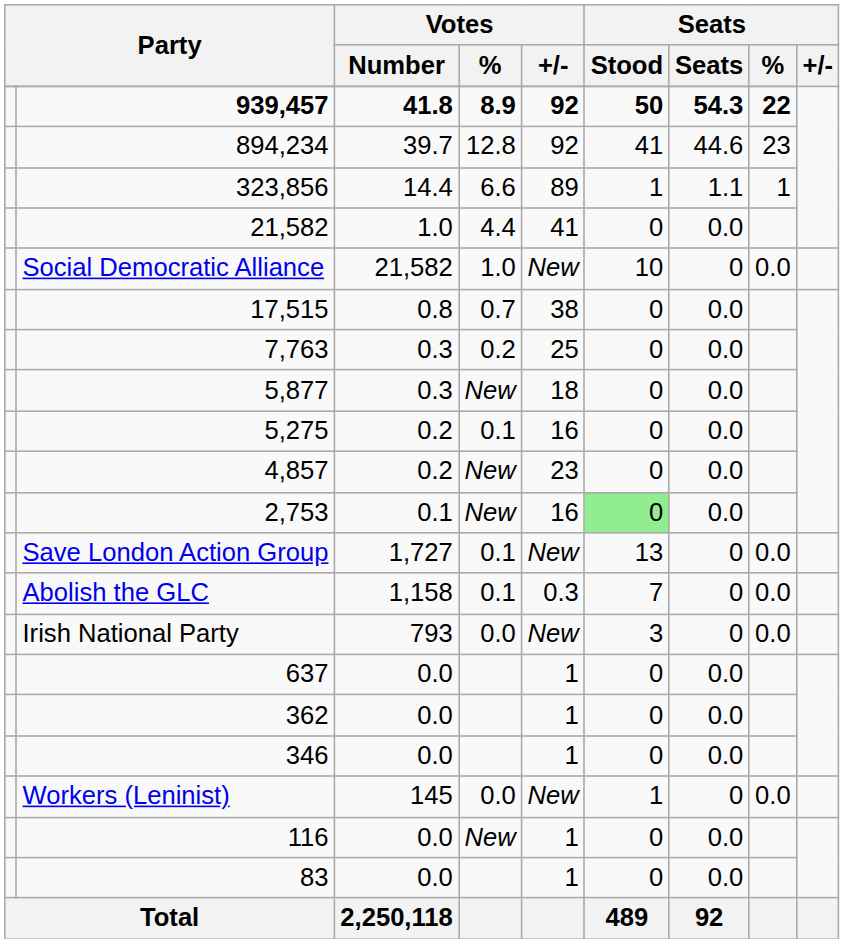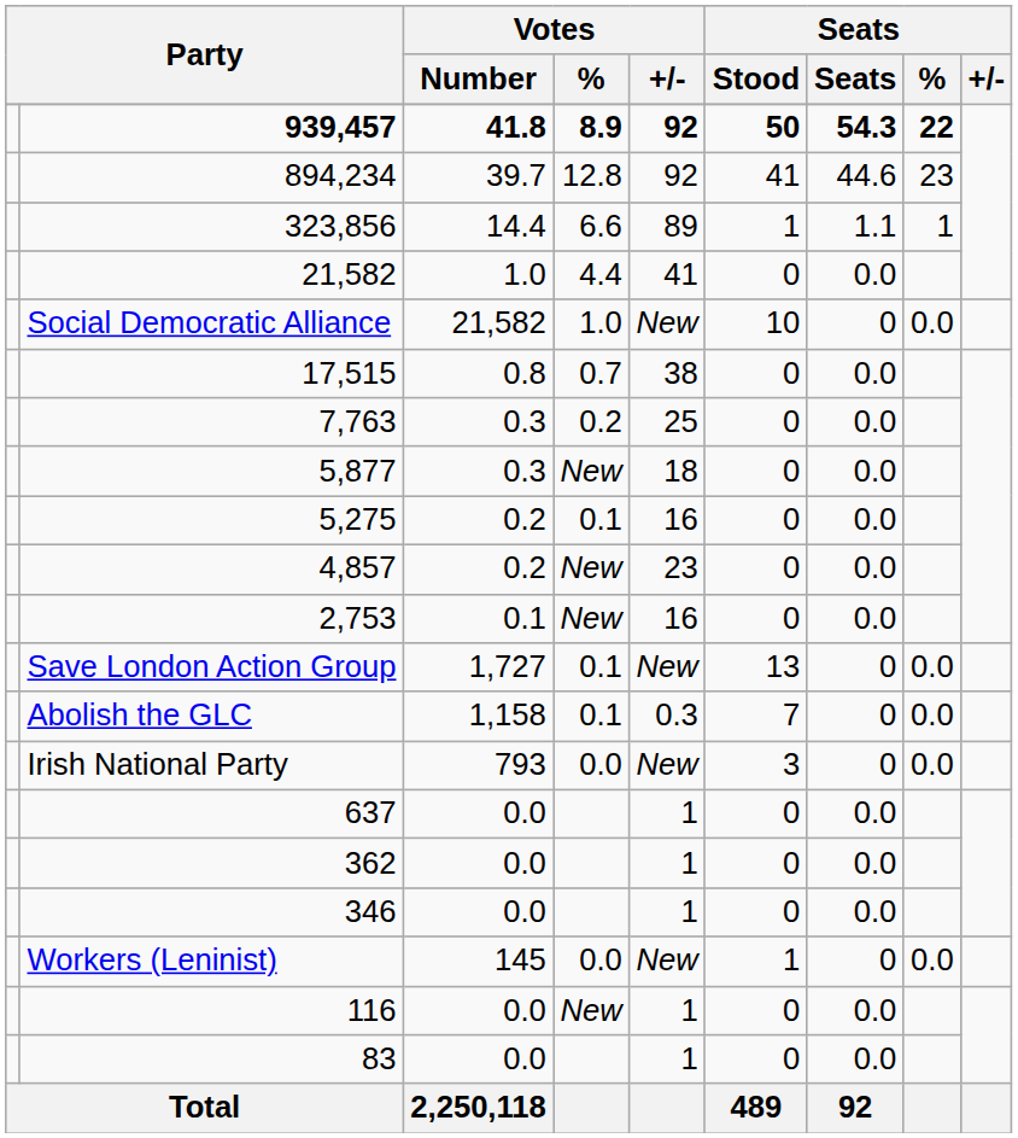 <table class="wikitable sortable" style="text-align:right;" style="font-size:95%">
 <tr>
 <th style="vertical-align:center;" rowspan="2" colspan="2">Party</th>
 <th style="text-align:center;" colspan="3">Votes</th>
 <th style="text-align:center;" colspan="4">Seats</th>
 </tr>
 <tr style="text-align: right">
 <th align=center>Number</th>
 <th align=center>%</th>
 <th align=center>+/-</th>
 <th align=center>Stood</th>
 <th align=center>Seats</th>
 <th align=center>%</th>
 <th align=center>+/-</th>
 </tr>
 <tr style="text-align: right">
 </tr>
 <tr style="text-align: right">
 <td></td>
 <td><strong>939,457</strong></td>
 <td><strong>41.8</strong></td>
 <td><strong>8.9</strong></td>
 <td><strong>92</strong></td>
 <td><strong>50</strong></td>
 <td><strong>54.3</strong></td>
 <td><strong>22</strong></td>
 </tr>
 <tr style="text-align: right">
 <td></td>
 <td>894,234</td>
 <td>39.7</td>
 <td>12.8</td>
 <td>92</td>
 <td>41</td>
 <td>44.6</td>
 <td>23</td>
 </tr>
 <tr style="text-align: right">
 <td></td>
 <td>323,856</td>
 <td>14.4</td>
 <td>6.6</td>
 <td>89</td>
 <td>1</td>
 <td>1.1</td>
 <td>1</td>
 </tr>
 <tr style="text-align: right">
 <td></td>
 <td>21,582</td>
 <td>1.0</td>
 <td>4.4</td>
 <td>41</td>
 <td>0</td>
 <td>0.0</td>
 <td></td>
 </tr>
 <tr style="text-align: right">
 <td></td>
 <td style="text-align: left"><a href='#'>Social Democratic Alliance</a></td>
 <td>21,582</td>
 <td>1.0</td>
 <td><em>New</em></td>
 <td>10</td>
 <td>0</td>
 <td>0.0</td>
 <td></td>
 </tr>
 <tr style="text-align: right">
 <td></td>
 <td>17,515</td>
 <td>0.8</td>
 <td>0.7</td>
 <td>38</td>
 <td>0</td>
 <td>0.0</td>
 <td></td>
 </tr>
 <tr style="text-align: right">
 <td></td>
 <td>7,763</td>
 <td>0.3</td>
 <td>0.2</td>
 <td>25</td>
 <td>0</td>
 <td>0.0</td>
 <td></td>
 </tr>
 <tr style="text-align: right">
 <td></td>
 <td>5,877</td>
 <td>0.3</td>
 <td><em>New</em></td>
 <td>18</td>
 <td>0</td>
 <td>0.0</td>
 <td></td>
 </tr>
 <tr style="text-align: right">
 <td></td>
 <td>5,275</td>
 <td>0.2</td>
 <td>0.1</td>
 <td>16</td>
 <td>0</td>
 <td>0.0</td>
 <td></td>
 </tr>
 <tr style="text-align: right">
 <td></td>
 <td>4,857</td>
 <td>0.2</td>
 <td><em>New</em></td>
 <td>23</td>
 <td>0</td>
 <td>0.0</td>
 <td></td>
 </tr>
 <tr style="text-align: right">
 <td></td>
 <td>2,753</td>
 <td>0.1</td>
 <td><em>New</em></td>
 <td>16</td>
-<td style="background: lightgreen;">0</td>
+<td>0</td>
 <td>0.0</td>
 <td></td>
 </tr>
 <tr style="text-align: right">
 <td></td>
 <td style="text-align: left"><a href='#'>Save London Action Group</a></td>
 <td>1,727</td>
 <td>0.1</td>
 <td><em>New</em></td>
 <td>13</td>
 <td>0</td>
 <td>0.0</td>
 <td></td>
 </tr>
 <tr style="text-align: right">
 <td></td>
 <td style="text-align: left"><a href='#'>Abolish the GLC</a></td>
 <td>1,158</td>
 <td>0.1</td>
 <td>0.3</td>
 <td>7</td>
 <td>0</td>
 <td>0.0</td>
 <td></td>
 </tr>
 <tr style="text-align: right">
 <td></td>
 <td style="text-align: left">Irish National Party</td>
 <td>793</td>
 <td>0.0</td>
 <td><em>New</em></td>
 <td>3</td>
 <td>0</td>
 <td>0.0</td>
 <td></td>
 </tr>
 <tr style="text-align: right">
 <td></td>
 <td>637</td>
 <td>0.0</td>
 <td></td>
 <td>1</td>
 <td>0</td>
 <td>0.0</td>
 <td></td>
 </tr>
 <tr style="text-align: right">
 <td></td>
 <td>362</td>
 <td>0.0</td>
 <td></td>
 <td>1</td>
 <td>0</td>
 <td>0.0</td>
 <td></td>
 </tr>
 <tr style="text-align: right">
 <td></td>
 <td>346</td>
 <td>0.0</td>
 <td></td>
 <td>1</td>
 <td>0</td>
 <td>0.0</td>
 <td></td>
 </tr>
 <tr style="text-align: right">
 <td></td>
 <td style="text-align: left"><a href='#'>Workers (Leninist)</a></td>
 <td>145</td>
 <td>0.0</td>
 <td><em>New</em></td>
 <td>1</td>
 <td>0</td>
 <td>0.0</td>
 <td></td>
 </tr>
 <tr style="text-align: right">
 <td></td>
 <td>116</td>
 <td>0.0</td>
 <td><em>New</em></td>
 <td>1</td>
 <td>0</td>
 <td>0.0</td>
 <td></td>
 </tr>
 <tr style="text-align: right">
 <td></td>
 <td>83</td>
 <td>0.0</td>
 <td></td>
 <td>1</td>
 <td>0</td>
 <td>0.0</td>
 <td></td>
 </tr>
 <tr>
 <th colspan="2">Total</th>
 <th>2,250,118</th>
 <th></th>
 <th></th>
 <th>489</th>
 <th>92</th>
 <th></th>
 <th></th>
 </tr>
 </table>
